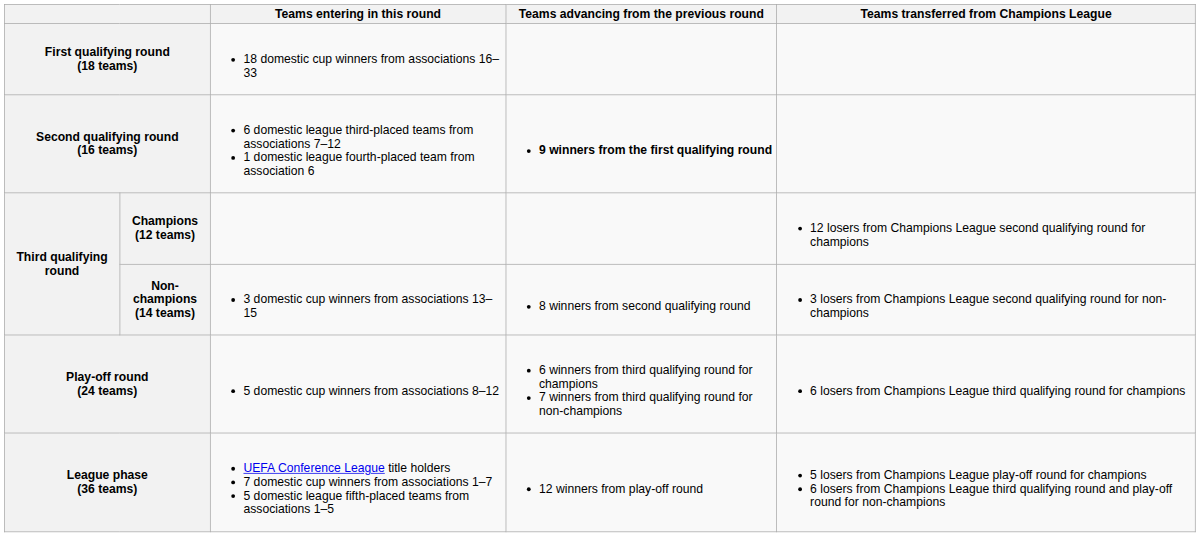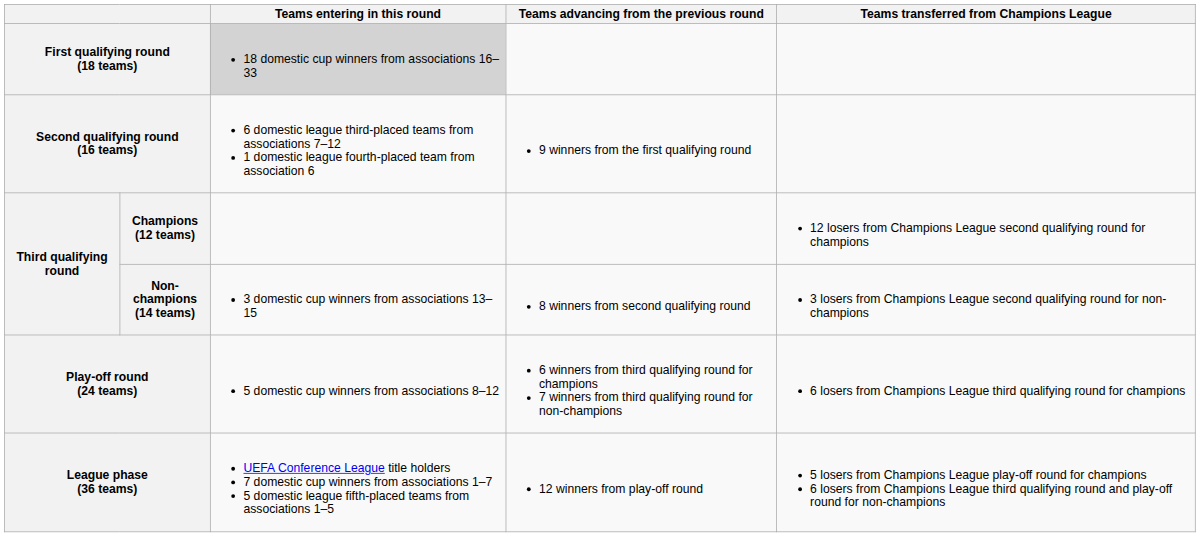 <table class="wikitable">
 <tr>
 <th colspan=2></th>
 <th>Teams entering in this round</th>
 <th>Teams advancing from the previous round</th>
 <th>Teams transferred from Champions League</th>
 </tr>
 <tr>
 <th colspan=2>First qualifying round<br> (18 teams)</th>
-<td><br><ul><li>18 domestic cup winners from associations 16–33</li></ul></td>
+<td style="background: lightgrey;"><br><ul><li>18 domestic cup winners from associations 16–33</li></ul></td>
 <td></td>
 <td></td>
 </tr>
 <tr>
 <th colspan=2>Second qualifying round<br> (16 teams)</th>
 <td><br><ul><li>6 domestic league third-placed teams from associations 7–12</li><li>1 domestic league fourth-placed team from association 6</li></ul></td>
-<td><strong><br><ul><li>9 winners from the first qualifying round</li></ul></strong></td>
+<td><br><ul><li>9 winners from the first qualifying round</li></ul></td>
 <td></td>
 </tr>
 <tr>
 <th rowspan=2>Third qualifying round<br></th>
 <th>Champions<br> (12 teams)</th>
 <td></td>
 <td></td>
 <td><br><ul><li>12 losers from Champions League second qualifying round for champions</li></ul></td>
 </tr>
 <tr>
 <th>Non-champions<br> (14 teams)</th>
 <td><br><ul><li>3 domestic cup winners from associations 13–15</li></ul></td>
 <td><br><ul><li>8 winners from second qualifying round</li></ul></td>
 <td><br><ul><li>3 losers from Champions League second qualifying round for non-champions</li></ul></td>
 </tr>
 <tr>
 <th colspan=2>Play-off round<br>(24 teams)</th>
 <td><br><ul><li>5 domestic cup winners from associations 8–12</li></ul></td>
 <td><br><ul><li>6 winners from third qualifying round for champions</li><li>7 winners from third qualifying round for non-champions</li></ul></td>
 <td><br><ul><li>6 losers from Champions League third qualifying round for champions</li></ul></td>
 </tr>
 <tr>
 <th colspan=2>League phase<br> (36 teams)</th>
 <td><br><ul><li><a href='#'>UEFA Conference League</a> title holders</li><li>7 domestic cup winners from associations 1–7</li><li>5 domestic league fifth-placed teams from associations 1–5</li></ul></td>
 <td><br><ul><li>12 winners from play-off round</li></ul></td>
 <td><br><ul><li>5 losers from Champions League play-off round for champions</li><li>6 losers from Champions League third qualifying round and play-off round for non-champions</li></ul></td>
 </tr>
 </table>
